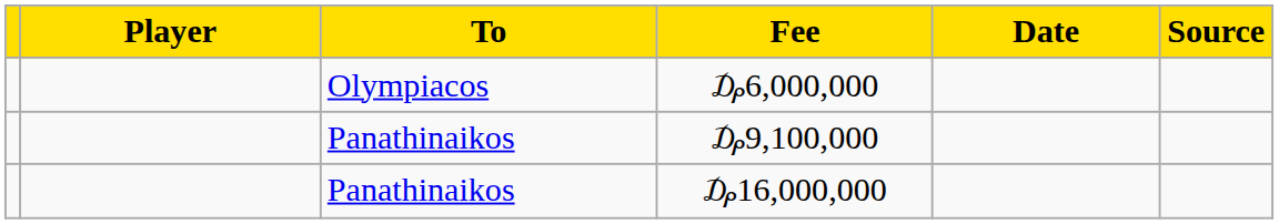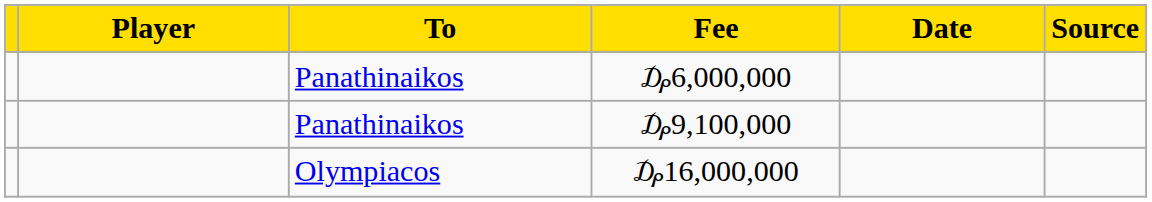 <table class="wikitable sortable">
 <tr>
 <th style="background:#FFDE00"></th>
 <th width=200 style="background:#FFDE00">Player</th>
 <th width=200 style="background:#FFDE00">To</th>
 <th width=150 style="background:#FFDE00">Fee</th>
 <th width=150 style="background:#FFDE00">Date</th>
 <th style="background:#FFDE00">Source</th>
 </tr>
 <tr>
 <td align=center></td>
 <td></td>
-<td> <a href='#'>Olympiacos</a></td>
+<td> <a href='#'>Panathinaikos</a></td>
 <td align=center>₯6,000,000</td>
 <td align=center></td>
 <td align=center></td>
 </tr>
 <tr>
 <td align=center></td>
 <td></td>
 <td> <a href='#'>Panathinaikos</a></td>
 <td align=center>₯9,100,000</td>
 <td align=center></td>
 <td align=center></td>
 </tr>
 <tr>
 <td align=center></td>
 <td></td>
-<td> <a href='#'>Panathinaikos</a></td>
+<td> <a href='#'>Olympiacos</a></td>
 <td align=center>₯16,000,000</td>
 <td align=center></td>
 <td align=center></td>
 </tr>
 </table>
